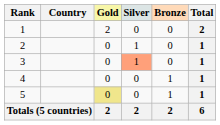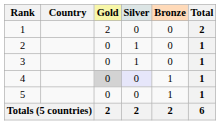 <table class="wikitable sortable" style="text-align:center;">
 <tr>
 <th>Rank</th>
 <th>Country</th>
 <th style="background:#F7F6A8"> Gold</th>
 <th style="background:#DCE5E5"> Silver</th>
 <th style="background:#FFDAB9"> Bronze</th>
 <th>Total</th>
 </tr>
 <tr>
 <td>1</td>
 <td style="text-align:left;"></td>
 <td>2</td>
 <td>0</td>
 <td>0</td>
 <th>2</th>
 </tr>
 <tr>
 <td>2</td>
 <td style="text-align:left;"></td>
 <td>0</td>
 <td>1</td>
 <td>0</td>
 <th>1</th>
 </tr>
 <tr>
 <td>3</td>
 <td style="text-align:left;"></td>
 <td>0</td>
-<td style="background: lightsalmon;">1</td>
+<td>1</td>
 <td>0</td>
 <th>1</th>
 </tr>
 <tr>
 <td>4</td>
 <td style="text-align:left;"></td>
-<td>0</td>
-<td>0</td>
+<td style="background: lightgrey;">0</td>
+<td style="background: lavender;">0</td>
 <td>1</td>
 <th>1</th>
 </tr>
 <tr>
 <td>5</td>
 <td style="text-align:left;"></td>
-<td style="background: khaki;">0</td>
+<td>0</td>
 <td>0</td>
 <td>1</td>
 <th>1</th>
 </tr>
 <tr>
 <th colspan="2" style="text-align:left;">Totals (5 countries)</th>
 <th>2</th>
 <th>2</th>
 <th>2</th>
 <th>6</th>
 </tr>
 </table>
